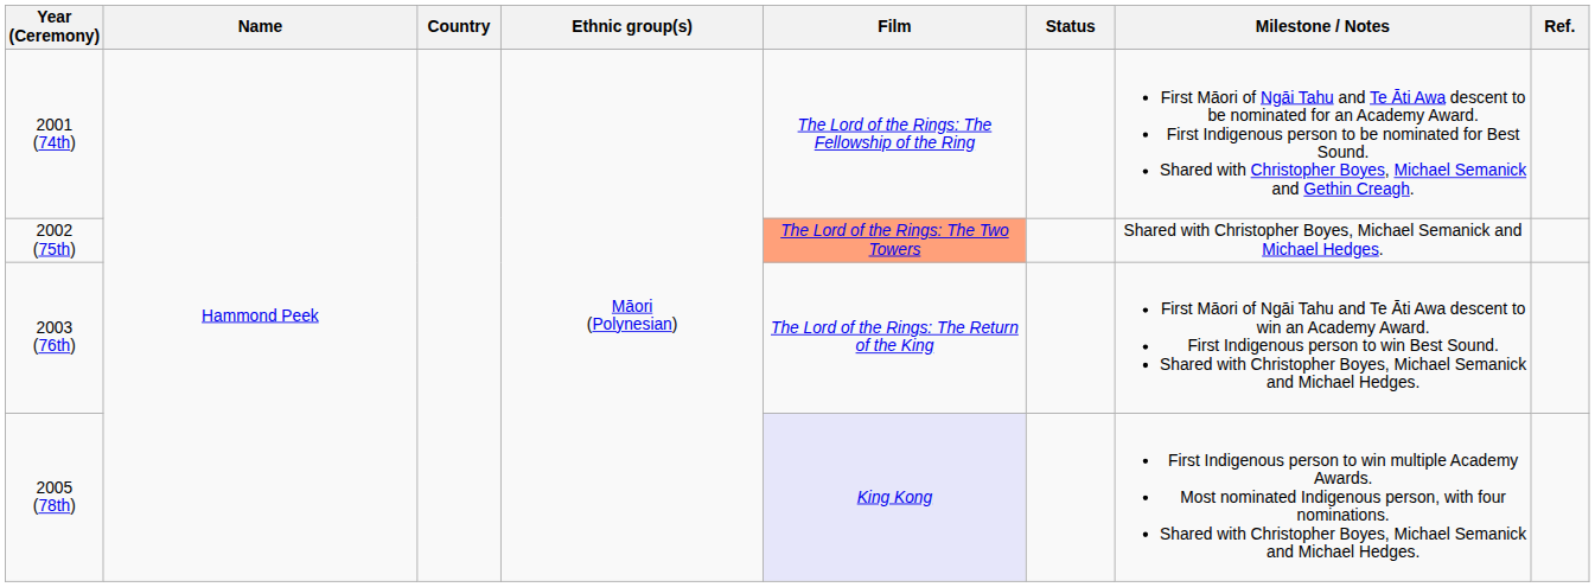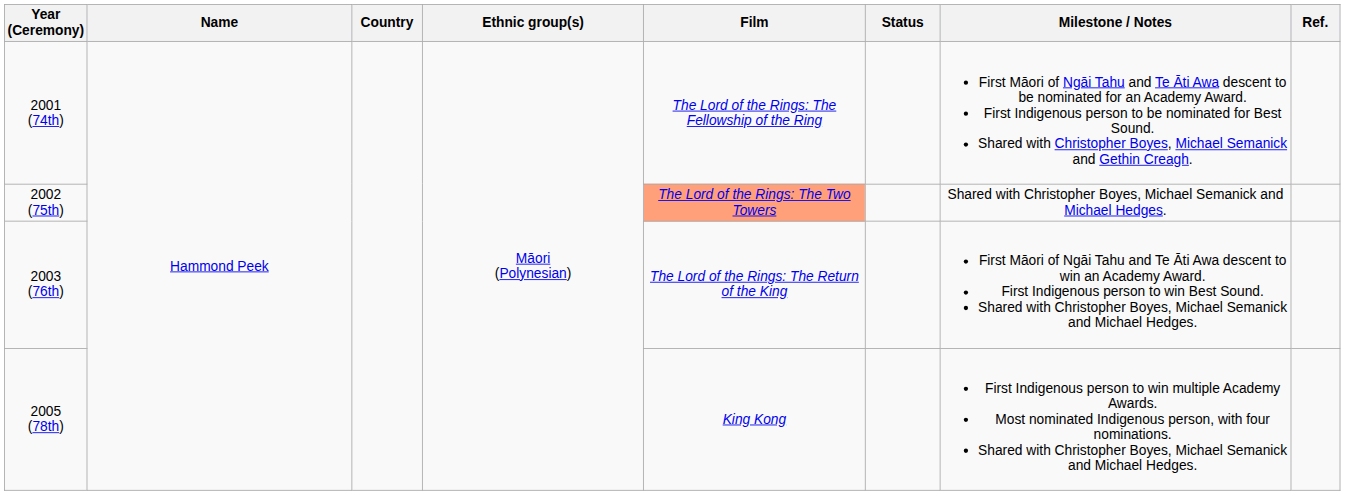 <table class="wikitable" style="text-align: center">
 <tr style="background:#ebf5ff;">
 <th style="width:75px;">Year<br>(Ceremony)</th>
 <th style="width:300px;">Name</th>
 <th width="75">Country</th>
 <th style="width:250px;">Ethnic group(s)</th>
 <th style="width:250px;">Film</th>
 <th style="width:80px;">Status</th>
 <th style="width:400px;">Milestone / Notes</th>
 <th style="width:50px;">Ref.</th>
 </tr>
 <tr>
 <td>2001<br>(<a href='#'>74th</a>)</td>
 <td rowspan=4><a href='#'>Hammond Peek</a></td>
 <td rowspan=4></td>
 <td rowspan=4><a href='#'>Māori</a><br>(<a href='#'>Polynesian</a>)</td>
 <td><em><a href='#'>The Lord of the Rings: The Fellowship of the Ring</a></em></td>
 <td></td>
 <td><br><ul><li>First Māori of <a href='#'>Ngāi Tahu</a> and <a href='#'>Te Āti Awa</a> descent to be nominated for an Academy Award.</li><li>First Indigenous person to be nominated for Best Sound.</li><li>Shared with <a href='#'>Christopher Boyes</a>, <a href='#'>Michael Semanick</a> and <a href='#'>Gethin Creagh</a>.</li></ul></td>
 <td></td>
 </tr>
 <tr>
 <td>2002<br>(<a href='#'>75th</a>)</td>
 <td style="background: lightsalmon;"><em><a href='#'>The Lord of the Rings: The Two Towers</a></em></td>
 <td></td>
 <td>Shared with Christopher Boyes, Michael Semanick and <a href='#'>Michael Hedges</a>.</td>
 <td></td>
 </tr>
 <tr>
 <td>2003<br>(<a href='#'>76th</a>)</td>
 <td><em><a href='#'>The Lord of the Rings: The Return of the King</a></em></td>
 <td></td>
 <td><br><ul><li>First Māori of Ngāi Tahu and Te Āti Awa descent to win an Academy Award.</li><li>First Indigenous person to win Best Sound.</li><li>Shared with Christopher Boyes, Michael Semanick and Michael Hedges.</li></ul></td>
 <td></td>
 </tr>
 <tr>
 <td>2005<br>(<a href='#'>78th</a>)</td>
-<td style="background: lavender;"><em><a href='#'>King Kong</a></em></td>
+<td><em><a href='#'>King Kong</a></em></td>
 <td></td>
 <td><br><ul><li>First Indigenous person to win multiple Academy Awards.</li><li>Most nominated Indigenous person, with four nominations.</li><li>Shared with Christopher Boyes, Michael Semanick and Michael Hedges.</li></ul></td>
 <td></td>
 </tr>
 </table>
